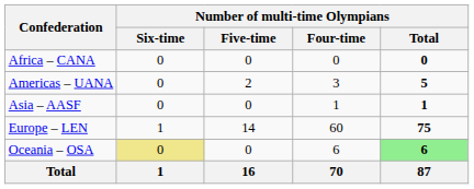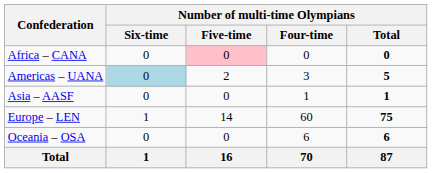 <table class="wikitable sortable" style="text-align: center; font-size: 90%; margin-left: 1em;">
 <tr>
 <th rowspan="2">Confederation</th>
 <th colspan="4">Number of multi-time Olympians</th>
 </tr>
 <tr>
 <th style="width: 6em;">Six-time</th>
 <th style="width: 6em;">Five-time</th>
 <th style="width: 6em;">Four-time</th>
 <th style="width: 6em;">Total</th>
 </tr>
 <tr>
 <td style="text-align: left;"><a href='#'>Africa</a> – <a href='#'>CANA</a></td>
 <td>0</td>
-<td>0</td>
+<td style="background: pink;">0</td>
 <td>0</td>
 <td><strong>0</strong></td>
 </tr>
 <tr>
 <td style="text-align: left;"><a href='#'>Americas</a> – <a href='#'>UANA</a></td>
-<td>0</td>
+<td style="background: lightblue;">0</td>
 <td>2</td>
 <td>3</td>
 <td><strong>5</strong></td>
 </tr>
 <tr>
 <td style="text-align: left;"><a href='#'>Asia</a> – <a href='#'>AASF</a></td>
 <td>0</td>
 <td>0</td>
 <td>1</td>
 <td><strong>1</strong></td>
 </tr>
 <tr>
 <td style="text-align: left;"><a href='#'>Europe</a> – <a href='#'>LEN</a></td>
 <td>1</td>
 <td>14</td>
 <td>60</td>
 <td><strong>75</strong></td>
 </tr>
 <tr>
 <td style="text-align: left;"><a href='#'>Oceania</a> – <a href='#'>OSA</a></td>
-<td style="background: khaki;">0</td>
+<td>0</td>
 <td>0</td>
 <td>6</td>
-<td style="background: lightgreen;"><strong>6</strong></td>
+<td><strong>6</strong></td>
 </tr>
 <tr>
 <th>Total</th>
 <th>1</th>
 <th>16</th>
 <th>70</th>
 <th>87</th>
 </tr>
 </table>
